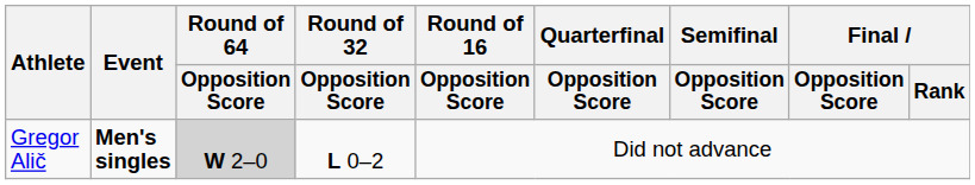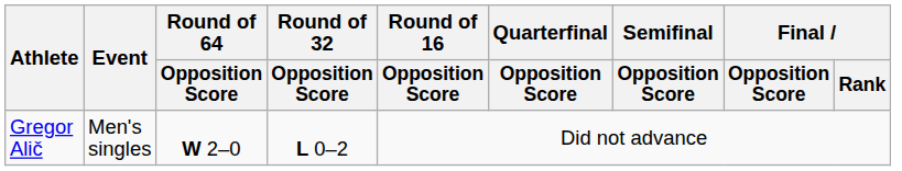 <table class="wikitable" style="font-size:90%; text-align:center">
 <tr>
 <th rowspan=2>Athlete</th>
 <th rowspan=2>Event</th>
 <th>Round of 64</th>
 <th>Round of 32</th>
 <th>Round of 16</th>
 <th>Quarterfinal</th>
 <th>Semifinal</th>
 <th colspan=2>Final / </th>
 </tr>
 <tr style="font-size:95%">
 <th>Opposition<br>Score</th>
 <th>Opposition<br>Score</th>
 <th>Opposition<br>Score</th>
 <th>Opposition<br>Score</th>
 <th>Opposition<br>Score</th>
 <th>Opposition<br>Score</th>
 <th>Rank</th>
 </tr>
 <tr>
 <td align="left"><a href='#'>Gregor Alič</a></td>
-<td align="left"><strong>Men's singles</strong></td>
-<td style="background: lightgrey;"><br><strong>W</strong> 2–0</td>
+<td align="left">Men's singles</td>
+<td><br><strong>W</strong> 2–0</td>
 <td><br><strong>L</strong> 0–2</td>
 <td colspan=5>Did not advance</td>
 </tr>
 </table>
